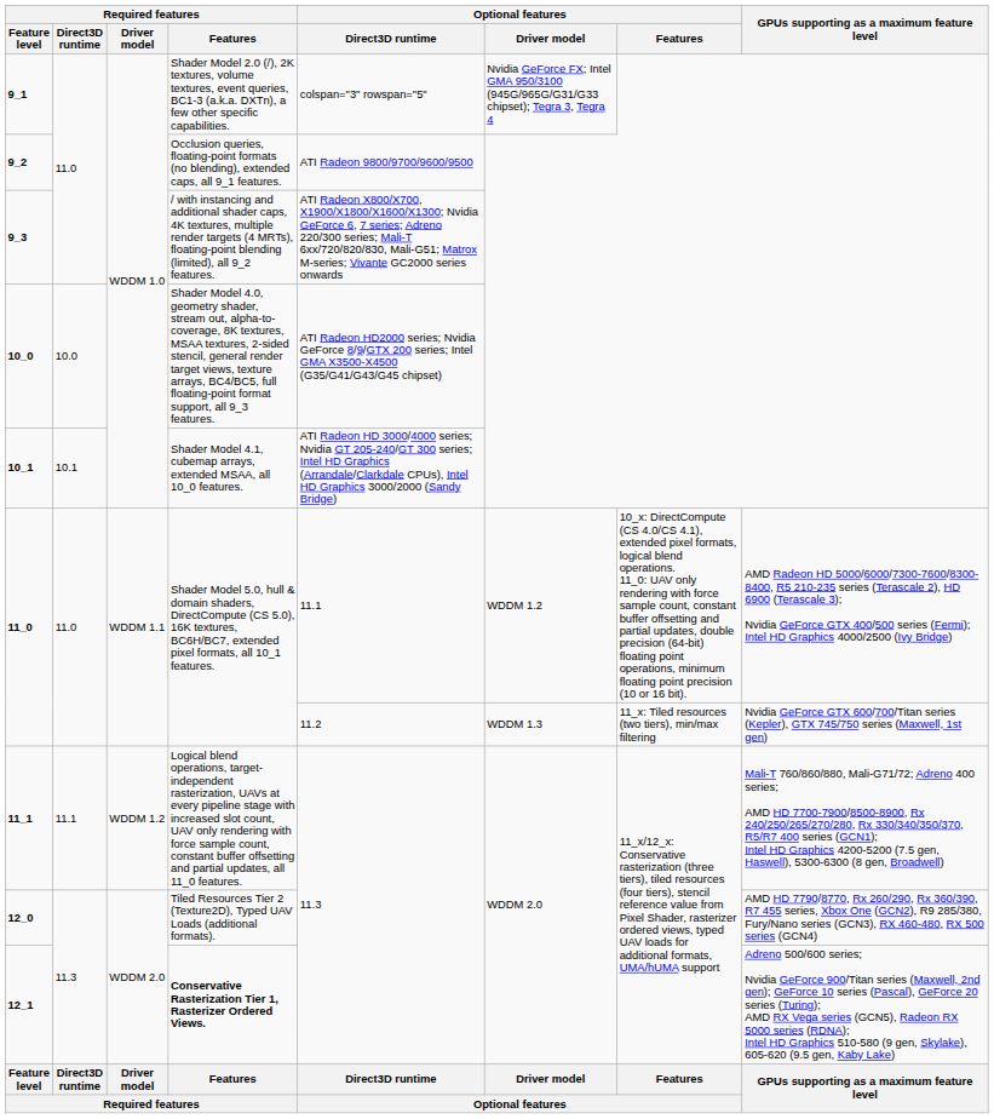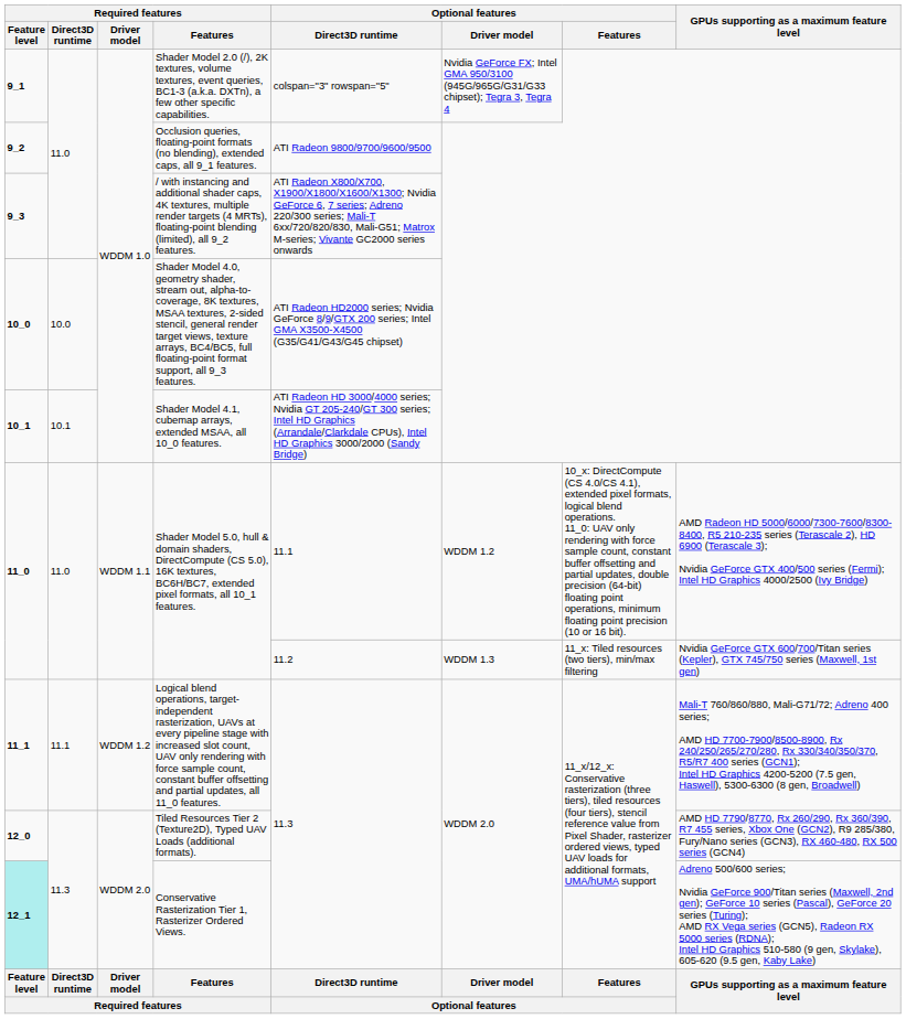 <table class="wikitable"  style="font-size: 90%">
 <tr>
 <th colspan="4">Required features</th>
 <th colspan="3">Optional features</th>
 <th rowspan="2" style="width:25%;">GPUs supporting as a maximum feature level</th>
 </tr>
 <tr>
 <th>Feature level</th>
 <th>Direct3D runtime</th>
 <th>Driver model</th>
 <th>Features</th>
 <th>Direct3D runtime</th>
 <th>Driver model</th>
 <th>Features</th>
 </tr>
 <tr>
 <td><strong>9_1</strong></td>
 <td rowspan=3>11.0</td>
 <td rowspan=5>WDDM 1.0</td>
 <td>Shader Model 2.0 (/), 2K textures, volume textures, event queries, BC1-3 (a.k.a. DXTn), a few other specific capabilities.</td>
 <td>colspan="3" rowspan="5" </td>
 <td>Nvidia <a href='#'>GeForce FX</a>; Intel <a href='#'>GMA 950/3100</a> (945G/965G/G31/G33 chipset); <a href='#'>Tegra 3</a>, <a href='#'>Tegra 4</a></td>
 </tr>
 <tr>
 <td><strong>9_2</strong></td>
 <td>Occlusion queries, floating-point formats (no blending), extended caps, all 9_1 features.</td>
 <td>ATI <a href='#'>Radeon 9800/9700/9600/9500</a></td>
 </tr>
 <tr>
 <td><strong>9_3</strong></td>
 <td>/ with instancing and additional shader caps, 4K textures, multiple render targets (4 MRTs), floating-point blending (limited), all 9_2 features.</td>
 <td>ATI <a href='#'>Radeon X800/X700</a>, <a href='#'>X1900/X1800/X1600/X1300</a>; Nvidia <a href='#'>GeForce 6</a>, <a href='#'>7 series</a>; <a href='#'>Adreno</a> 220/300 series; <a href='#'>Mali-T</a> 6xx/720/820/830, Mali-G51; <a href='#'>Matrox</a> M-series; <a href='#'>Vivante</a> GC2000 series onwards</td>
 </tr>
 <tr>
 <td><strong>10_0</strong></td>
 <td>10.0</td>
 <td>Shader Model 4.0, geometry shader, stream out, alpha-to-coverage, 8K textures, MSAA textures, 2-sided stencil, general render target views, texture arrays, BC4/BC5, full floating-point format support, all 9_3 features.</td>
 <td>ATI <a href='#'>Radeon HD2000</a> series; Nvidia GeForce <a href='#'>8</a>/<a href='#'>9</a>/<a href='#'>GTX 200</a> series; Intel <a href='#'>GMA X3500-X4500</a> (G35/G41/G43/G45 chipset)</td>
 </tr>
 <tr>
 <td><strong>10_1</strong></td>
 <td>10.1</td>
 <td>Shader Model 4.1, cubemap arrays, extended MSAA, all 10_0 features.</td>
 <td>ATI <a href='#'>Radeon HD 3000</a>/<a href='#'>4000</a> series; Nvidia <a href='#'>GT 205-240</a>/<a href='#'>GT 300</a> series;<br><a href='#'>Intel HD Graphics</a> (<a href='#'>Arrandale</a>/<a href='#'>Clarkdale</a> CPUs),  <a href='#'>Intel HD Graphics</a> 3000/2000 (<a href='#'>Sandy Bridge</a>)</td>
 </tr>
 <tr>
 <td rowspan="2"><strong>11_0</strong></td>
 <td rowspan="2">11.0</td>
 <td rowspan="2">WDDM 1.1</td>
 <td rowspan="2">Shader Model 5.0, hull & domain shaders, DirectCompute (CS 5.0), 16K textures, BC6H/BC7, extended pixel formats, all 10_1 features.</td>
 <td>11.1</td>
 <td>WDDM 1.2</td>
 <td>10_x: DirectCompute (CS 4.0/CS 4.1), extended pixel formats, logical blend operations. <br> 11_0: UAV only rendering with force sample count, constant buffer offsetting and partial updates, double precision (64-bit) floating point operations,  minimum floating point precision (10 or 16 bit).</td>
 <td>AMD <a href='#'>Radeon HD 5000</a>/<a href='#'>6000</a>/<a href='#'>7300-7600</a>/<a href='#'>8300-8400</a>, <a href='#'>R5 210-235</a> series (<a href='#'>Terascale 2</a>), <a href='#'>HD 6900</a> (<a href='#'>Terascale 3</a>); <br><br>Nvidia <a href='#'>GeForce GTX 400</a>/<a href='#'>500</a> series (<a href='#'>Fermi</a>); <br> <a href='#'>Intel HD Graphics</a> 4000/2500 (<a href='#'>Ivy Bridge</a>)</td>
 </tr>
 <tr>
 <td>11.2</td>
 <td>WDDM 1.3</td>
 <td>11_x: Tiled resources (two tiers), min/max filtering</td>
 <td>Nvidia <a href='#'>GeForce GTX 600</a>/<a href='#'>700</a>/Titan series (<a href='#'>Kepler</a>), <a href='#'>GTX 745/750</a> series (<a href='#'>Maxwell, 1st gen</a>)</td>
 </tr>
 <tr>
 <td><strong>11_1</strong></td>
 <td>11.1</td>
 <td>WDDM 1.2</td>
 <td>Logical blend operations, target-independent rasterization, UAVs at every pipeline stage with increased slot count, UAV only rendering with force sample count, constant buffer offsetting and partial updates, all 11_0 features.</td>
 <td rowspan=3>11.3</td>
 <td rowspan=3>WDDM 2.0</td>
 <td rowspan=3>11_x/12_x: Conservative rasterization (three tiers), tiled resources (four tiers), stencil reference value from Pixel Shader, rasterizer ordered views, typed UAV loads for additional formats, <a href='#'>UMA/hUMA</a> support</td>
 <td><a href='#'>Mali-T</a> 760/860/880,  Mali-G71/72; <a href='#'>Adreno</a> 400 series; <br><br>AMD <a href='#'>HD 7700-7900</a>/<a href='#'>8500-8900</a>, <a href='#'>Rx 240/250/265/270/280</a>, <a href='#'>Rx 330/340/350/370</a>, <a href='#'>R5/R7 400</a> series (<a href='#'>GCN1</a>); <br> <a href='#'>Intel HD Graphics</a> 4200-5200 (7.5 gen, <a href='#'>Haswell</a>),  5300-6300 (8 gen, <a href='#'>Broadwell</a>)</td>
 </tr>
 <tr>
 <td><strong>12_0</strong></td>
 <td rowspan=2>11.3</td>
 <td rowspan=2>WDDM 2.0</td>
 <td>Tiled Resources Tier 2 (Texture2D), Typed UAV Loads (additional formats).</td>
 <td>AMD <a href='#'>HD 7790</a>/<a href='#'>8770</a>, <a href='#'>Rx 260/290</a>, <a href='#'>Rx 360/390</a>, <a href='#'>R7 455</a> series, <a href='#'>Xbox One</a> (<a href='#'>GCN2</a>), R9 285/380, Fury/Nano series (GCN3), <a href='#'>RX 460-480</a>, <a href='#'>RX 500 series</a> (GCN4)</td>
 </tr>
 <tr>
-<td><strong>12_1</strong></td>
-<td><strong>Conservative Rasterization Tier 1, Rasterizer Ordered Views.</strong></td>
+<td style="background: paleturquoise;"><strong>12_1</strong></td>
+<td>Conservative Rasterization Tier 1, Rasterizer Ordered Views.</td>
 <td><a href='#'>Adreno</a> 500/600 series;<br><br>Nvidia <a href='#'>GeForce 900</a>/Titan series  (<a href='#'>Maxwell, 2nd gen</a>); <a href='#'>GeForce 10</a> series (<a href='#'>Pascal</a>), <a href='#'>GeForce 20</a> series (<a href='#'>Turing</a>);<br> AMD <a href='#'>RX Vega series</a> (GCN5), <a href='#'>Radeon RX 5000 series</a> (<a href='#'>RDNA</a>);<br> <a href='#'>Intel HD Graphics</a> 510-580 (9 gen, <a href='#'>Skylake</a>), 605-620 (9.5 gen, <a href='#'>Kaby Lake</a>)</td>
 </tr>
 <tr>
 <th>Feature level</th>
 <th>Direct3D runtime</th>
 <th>Driver model</th>
 <th>Features</th>
 <th>Direct3D runtime</th>
 <th>Driver model</th>
 <th>Features</th>
 <th rowspan="2" style="width:25%;">GPUs supporting as a maximum feature level</th>
 </tr>
 <tr>
 <th colspan="4">Required features</th>
 <th colspan="3">Optional features</th>
 </tr>
 </table>
